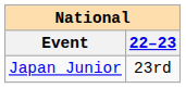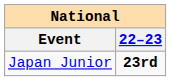 <table class="wikitable" style="text-align:center">
 <tr>
 <th colspan="2" style="background-color: #ffdead; " align="center">National</th>
 </tr>
 <tr>
 <th>Event</th>
 <th><a href='#'>22–23</a></th>
 </tr>
 <tr>
 <td align="left"><a href='#'>Japan Junior</a></td>
-<td>23rd</td>
+<td><strong>23rd</strong></td>
 </tr>
 </table>
